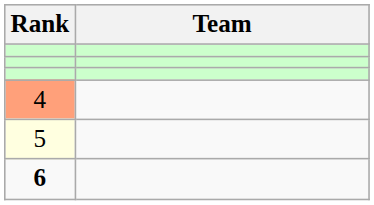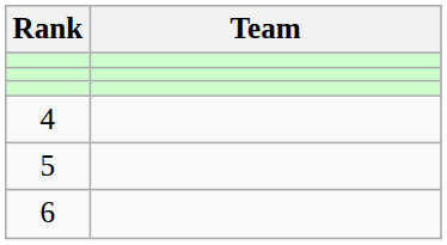 <table class=wikitable style="text-align:center;">
 <tr>
 <th>Rank</th>
 <th width=180>Team</th>
 </tr>
 <tr bgcolor=#CCFFCC>
 <td></td>
 <td align=left></td>
 </tr>
 <tr bgcolor=#CCFFCC>
 <td></td>
 <td align=left></td>
 </tr>
 <tr bgcolor=#CCFFCC>
 <td></td>
 <td align=left></td>
 </tr>
 <tr>
-<td style="background: lightsalmon;">4</td>
+<td>4</td>
 <td align=left></td>
 </tr>
 <tr>
-<td style="background: lightyellow;">5</td>
+<td>5</td>
 <td align=left></td>
 </tr>
 <tr>
-<td><strong>6</strong></td>
+<td>6</td>
 <td align=left></td>
 </tr>
 </table>
